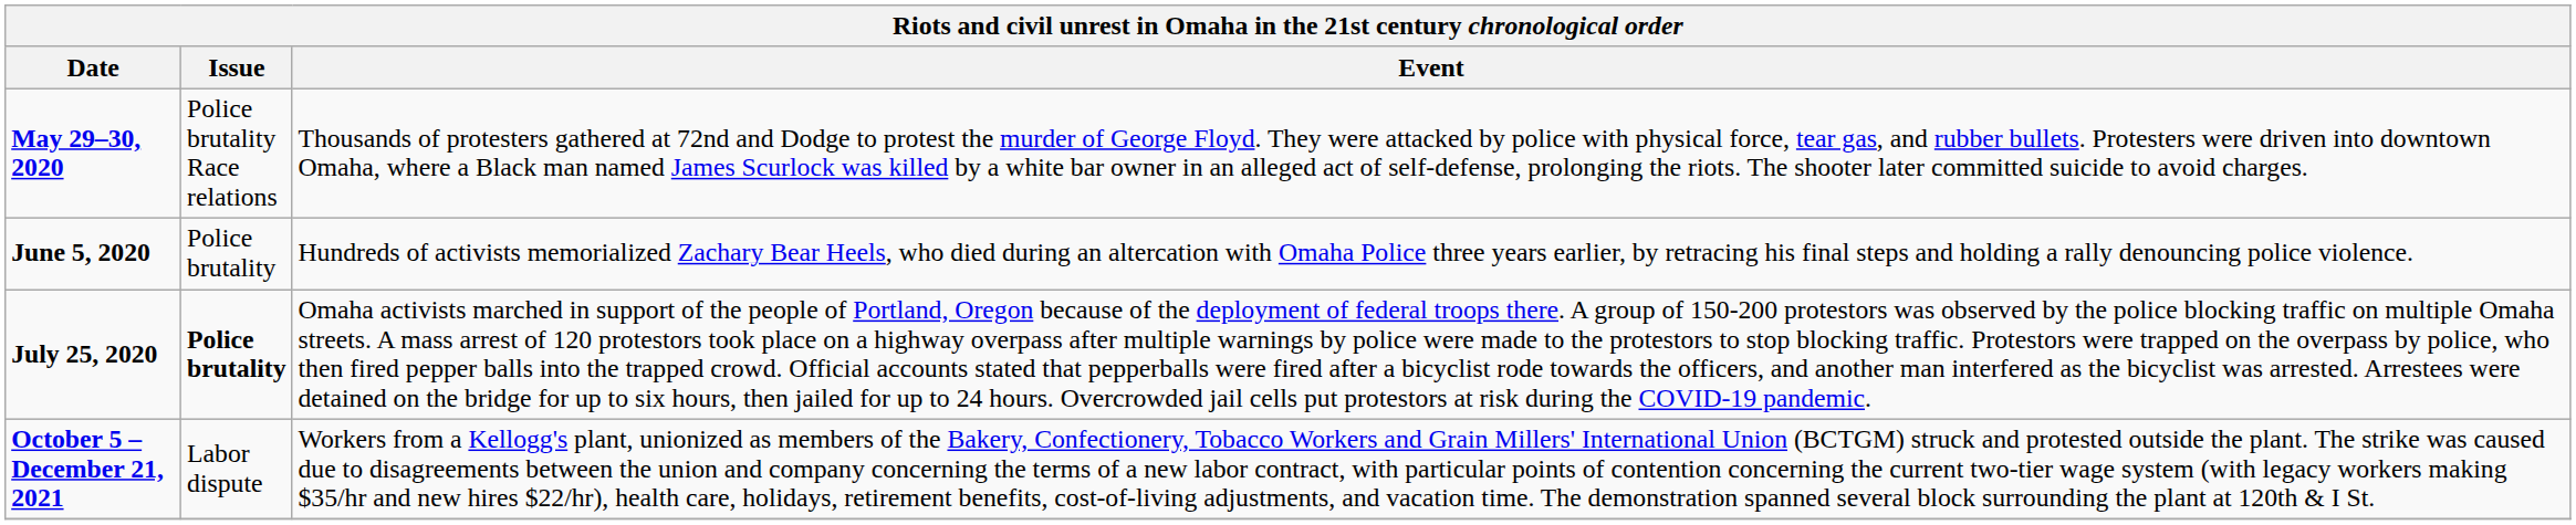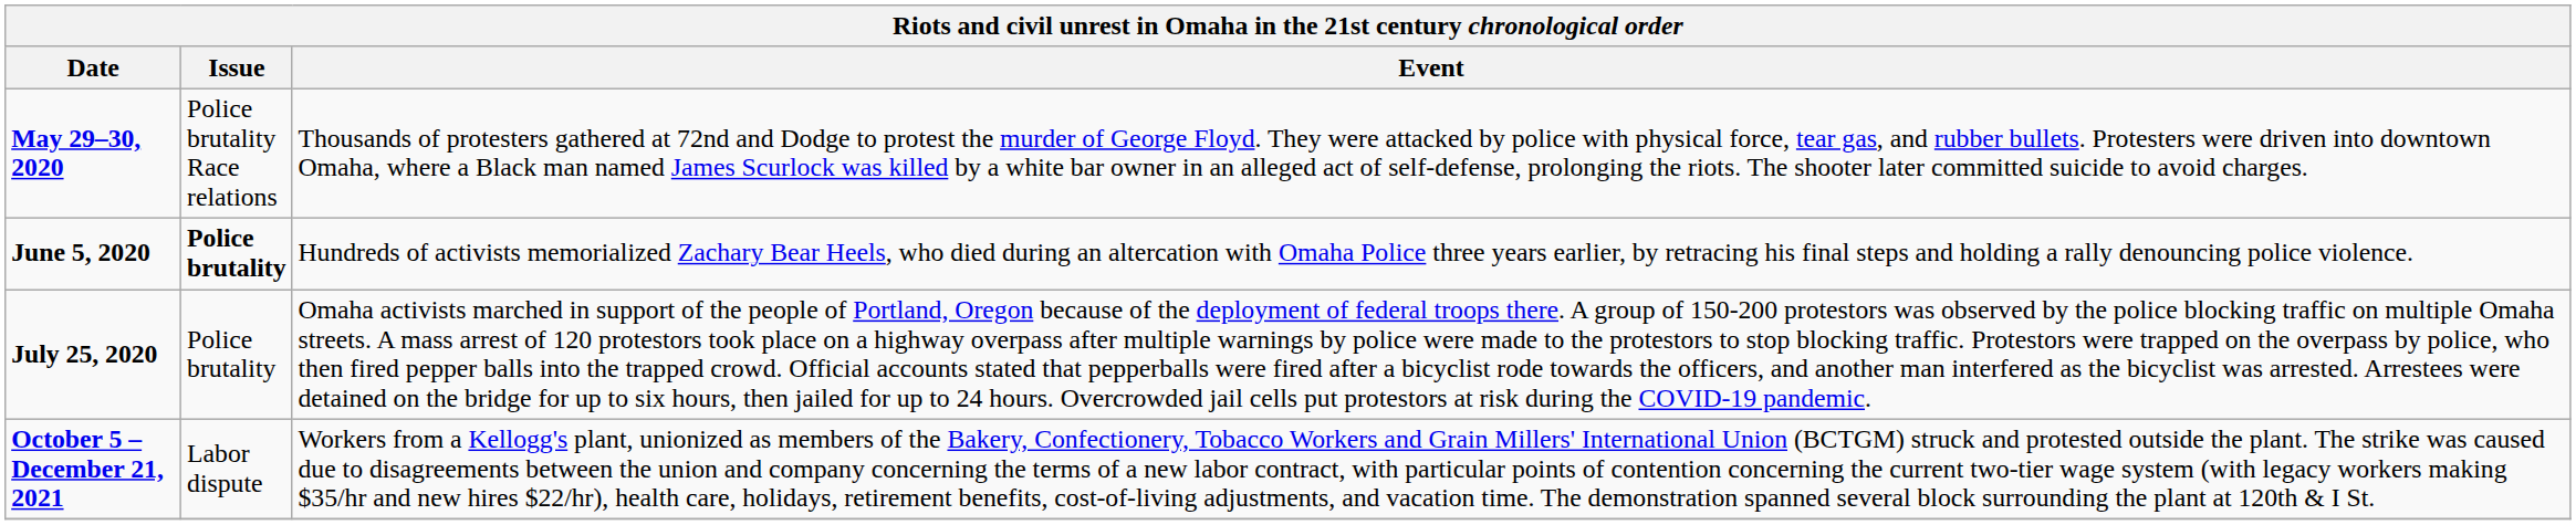 <table class="wikitable">
 <tr>
 <th align="center" colspan="6"><strong>Riots and civil unrest in Omaha in the 21st century</strong> <em>chronological order</em></th>
 </tr>
 <tr>
 <th scope="col" width="100">Date</th>
 <th scope="col" width="50">Issue</th>
 <th scope="col">Event</th>
 </tr>
 <tr>
 <td><strong><a href='#'>May 29–30, 2020</a></strong></td>
 <td>Police brutality<br>Race relations</td>
 <td>Thousands of protesters gathered at 72nd and Dodge to protest the <a href='#'>murder of George Floyd</a>. They were attacked by police with physical force, <a href='#'>tear gas</a>, and <a href='#'>rubber bullets</a>. Protesters were driven into downtown Omaha, where a Black man named <a href='#'>James Scurlock was killed</a> by a white bar owner in an alleged act of self-defense, prolonging the riots.  The shooter later committed suicide to avoid charges.</td>
 </tr>
 <tr>
 <td><strong>June 5, 2020</strong></td>
-<td>Police brutality</td>
+<td><strong>Police brutality</strong></td>
 <td>Hundreds of activists memorialized <a href='#'>Zachary Bear Heels</a>, who died during an altercation with <a href='#'>Omaha Police</a> three years earlier, by retracing his final steps and holding a rally denouncing police violence.</td>
 </tr>
 <tr>
 <td><strong>July 25, 2020</strong></td>
-<td><strong>Police brutality</strong></td>
+<td>Police brutality</td>
 <td>Omaha activists marched in support of the people of <a href='#'>Portland, Oregon</a> because of the <a href='#'>deployment of federal troops there</a>. A group of 150-200 protestors was observed by the police blocking traffic on multiple Omaha streets.  A mass arrest of 120 protestors took place on a highway overpass after multiple warnings by police were made to the protestors to stop blocking traffic. Protestors were trapped on the overpass by police, who then fired pepper balls into the trapped crowd. Official accounts stated that pepperballs were fired after a bicyclist rode towards the officers, and another man interfered as the bicyclist was arrested.  Arrestees were detained on the bridge for up to six hours, then jailed for up to 24 hours. Overcrowded jail cells put protestors at risk during the <a href='#'>COVID-19 pandemic</a>.</td>
 </tr>
 <tr>
 <td><strong><a href='#'>October 5 – December 21, 2021</a></strong></td>
 <td>Labor dispute</td>
 <td>Workers from a <a href='#'>Kellogg's</a> plant, unionized as members of the <a href='#'>Bakery, Confectionery, Tobacco Workers and Grain Millers' International Union</a> (BCTGM) struck and protested outside the plant. The strike was caused due to disagreements between the union and company concerning the terms of a new labor contract, with particular points of contention concerning the current two-tier wage system (with legacy workers making $35/hr and new hires $22/hr), health care, holidays, retirement benefits, cost-of-living adjustments, and vacation time. The demonstration spanned several block surrounding the plant at 120th & I St.</td>
 </tr>
 <tr>
 </tr>
 </table>
